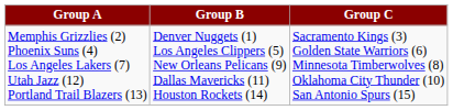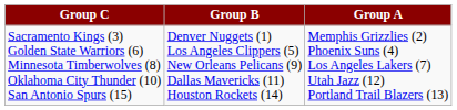 <table class="wikitable">
 <tr>
+<th style="background:darkred; color:white;" scope="col">Group C</th>
+<th style="background:darkred; color:white;" scope="col">Group B</th>
 <th style="background:darkred; color:white;" scope="col">Group A</th>
-<th style="background:darkred; color:white;" scope="col">Group B</th>
-<th style="background:darkred; color:white;" scope="col">Group C</th>
 </tr>
 <tr>
+<td><a href='#'>Sacramento Kings</a> (3)<br><a href='#'>Golden State Warriors</a> (6)<br><a href='#'>Minnesota Timberwolves</a> (8)<br><a href='#'>Oklahoma City Thunder</a> (10)<br><a href='#'>San Antonio Spurs</a> (15)</td>
+<td><a href='#'>Denver Nuggets</a> (1)<br><a href='#'>Los Angeles Clippers</a> (5)<br><a href='#'>New Orleans Pelicans</a> (9)<br><a href='#'>Dallas Mavericks</a> (11)<br><a href='#'>Houston Rockets</a> (14)</td>
 <td><a href='#'>Memphis Grizzlies</a> (2)<br><a href='#'>Phoenix Suns</a> (4)<br><a href='#'>Los Angeles Lakers</a> (7)<br><a href='#'>Utah Jazz</a> (12)<br><a href='#'>Portland Trail Blazers</a> (13)</td>
-<td><a href='#'>Denver Nuggets</a> (1)<br><a href='#'>Los Angeles Clippers</a> (5)<br><a href='#'>New Orleans Pelicans</a> (9)<br><a href='#'>Dallas Mavericks</a> (11)<br><a href='#'>Houston Rockets</a> (14)</td>
-<td><a href='#'>Sacramento Kings</a> (3)<br><a href='#'>Golden State Warriors</a> (6)<br><a href='#'>Minnesota Timberwolves</a> (8)<br><a href='#'>Oklahoma City Thunder</a> (10)<br><a href='#'>San Antonio Spurs</a> (15)</td>
 </tr>
 </table>
